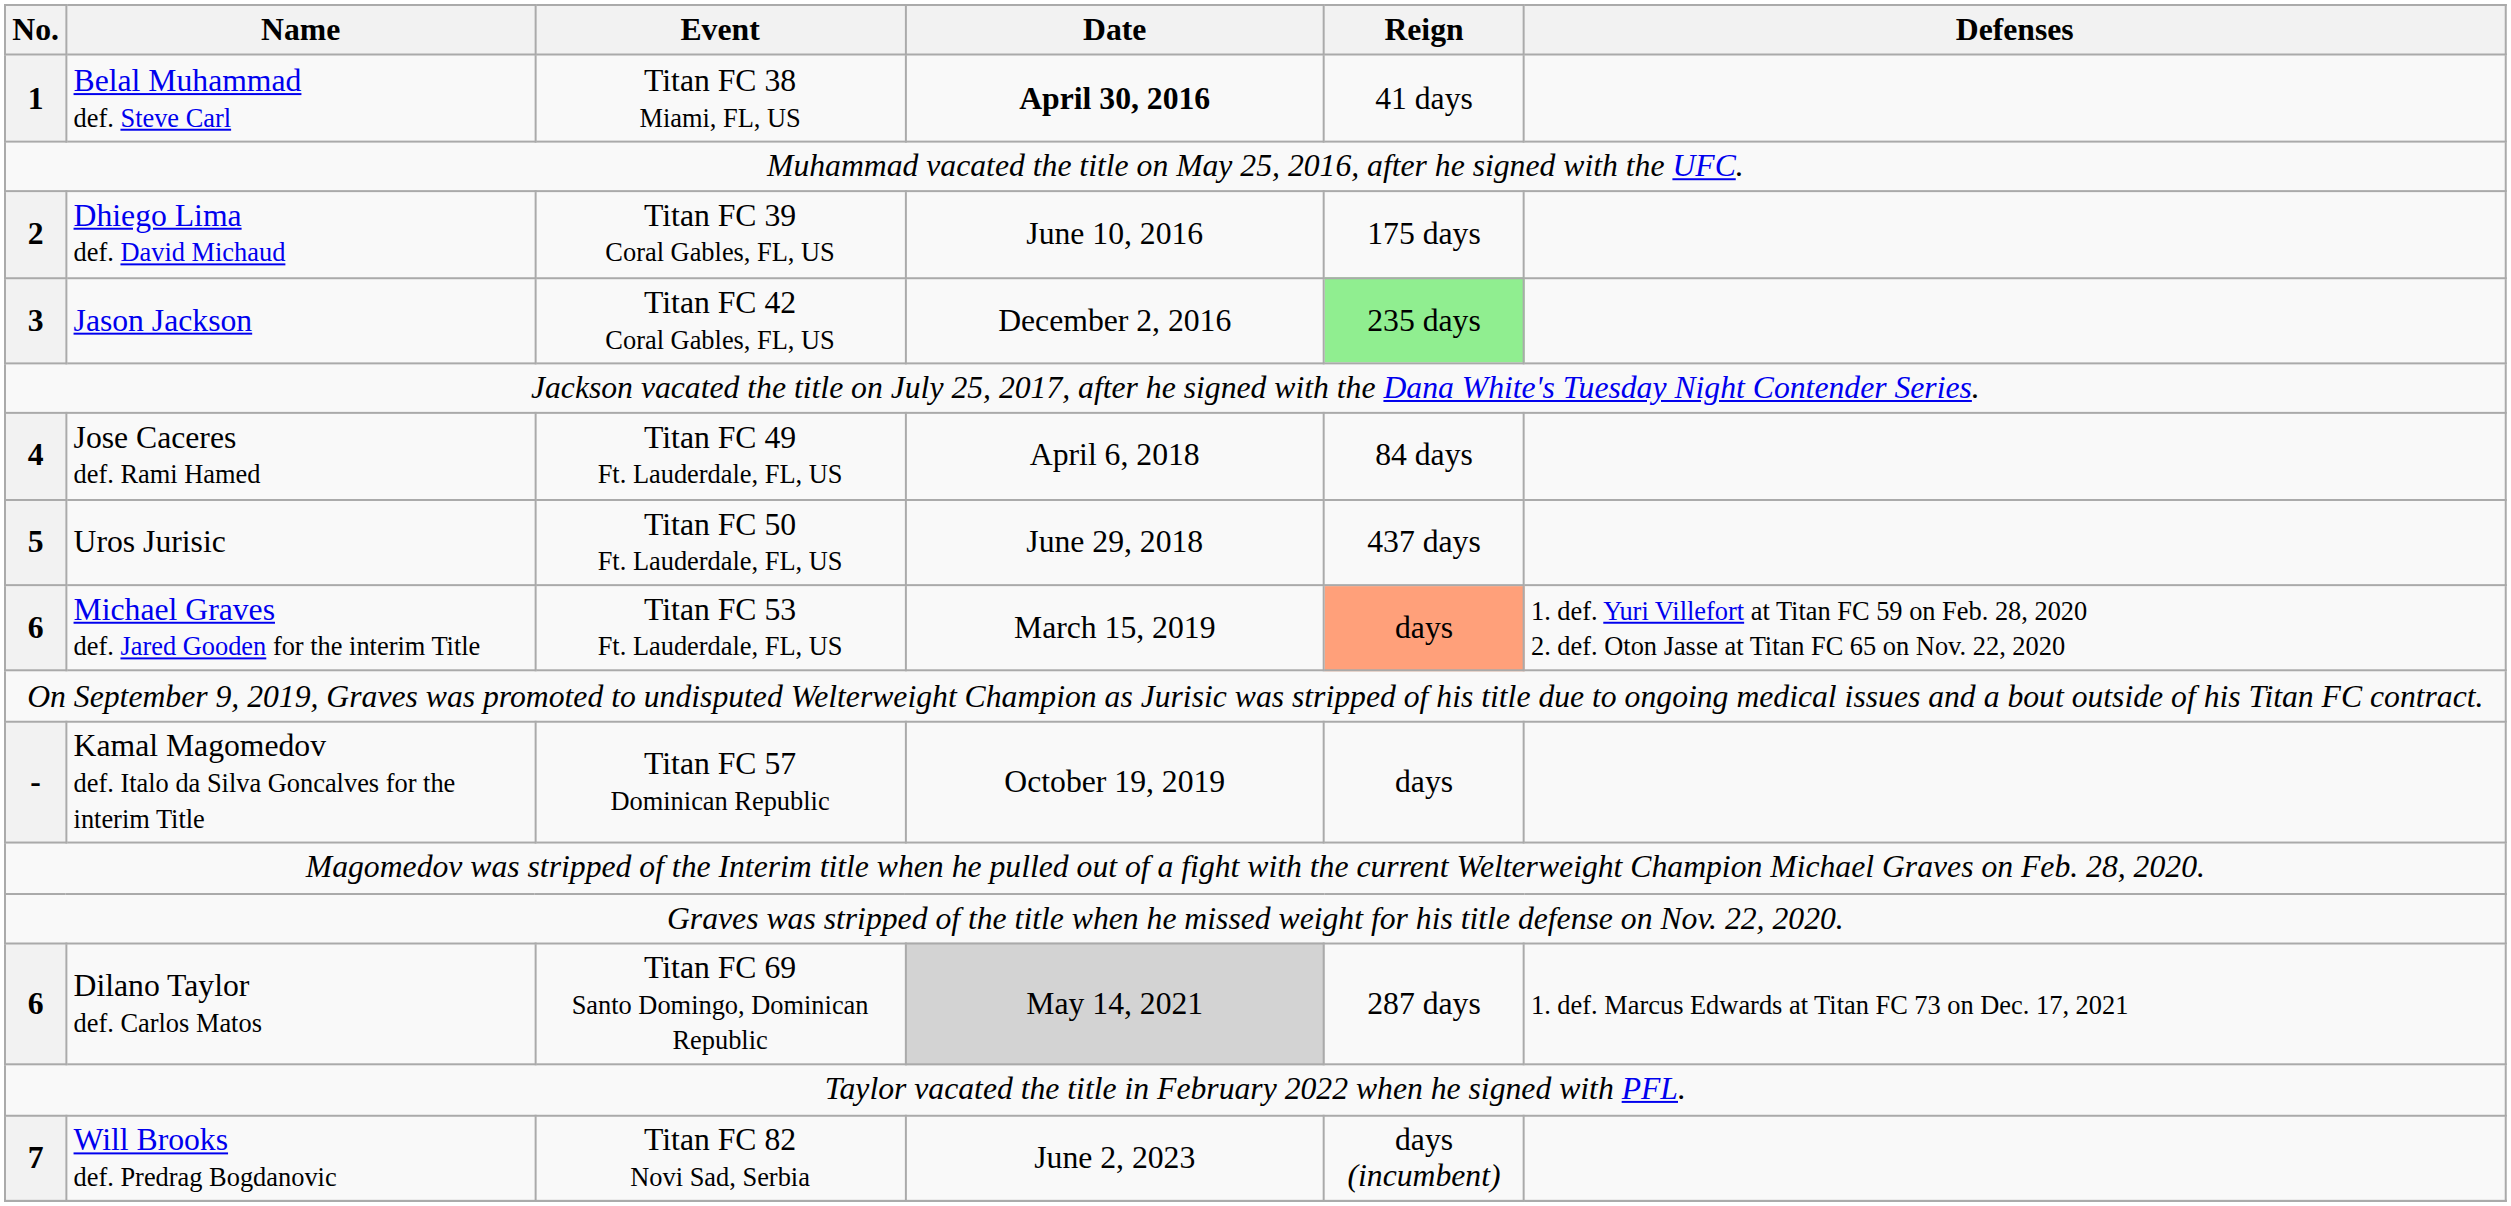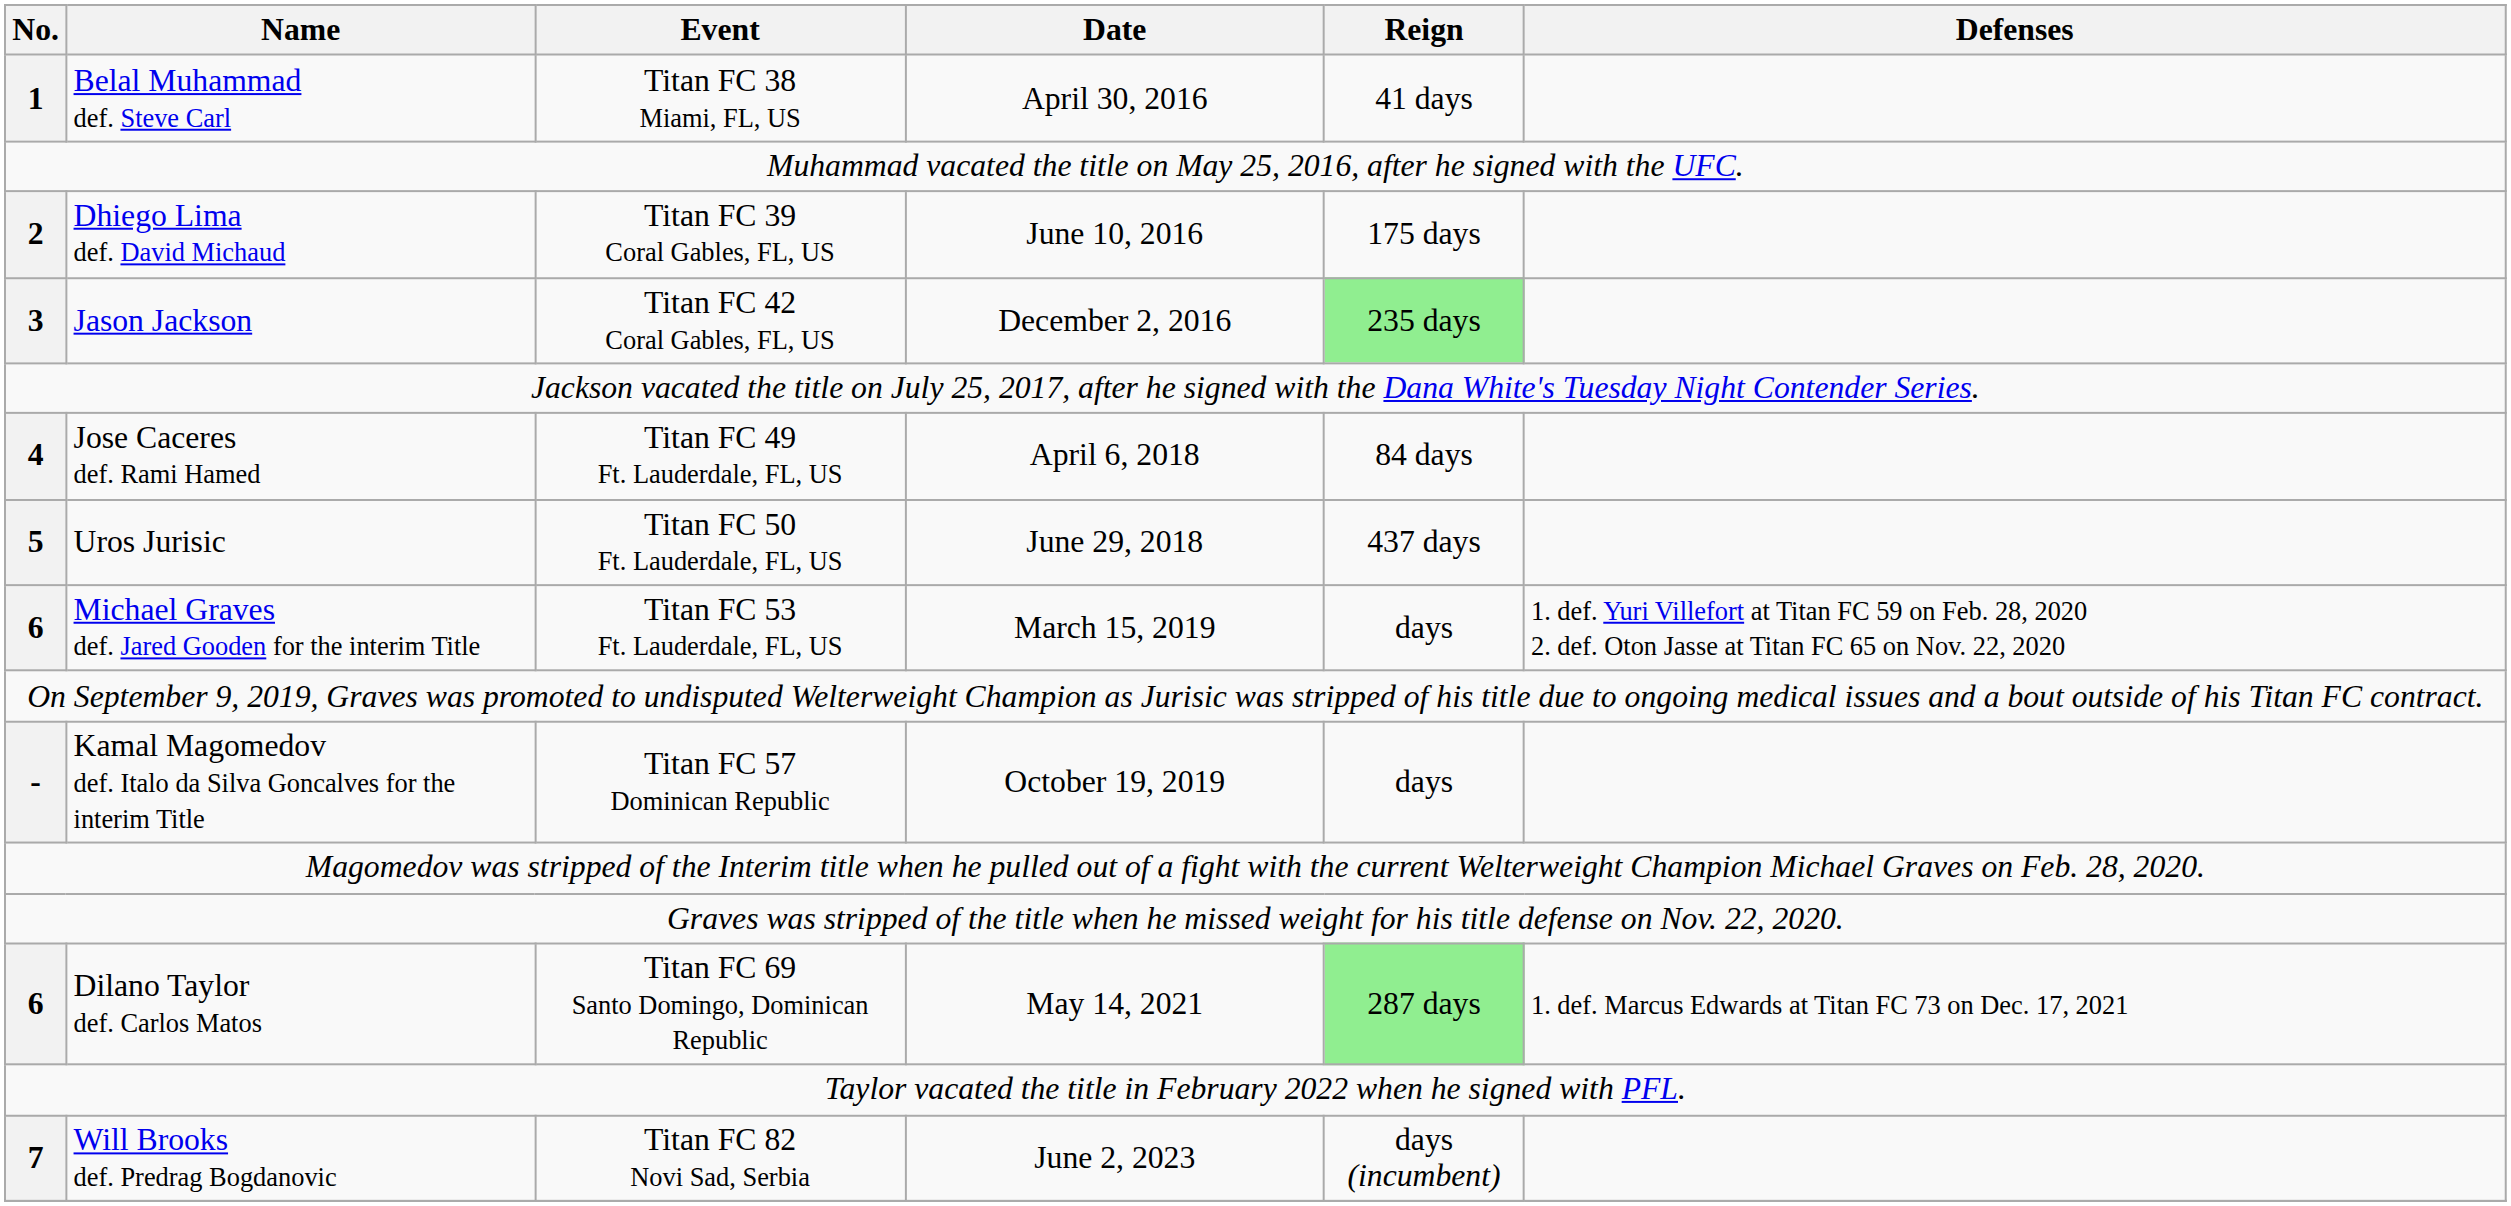 <table class="wikitable" width=100%>
 <tr>
 <th width=1%>No.</th>
 <th width=19%>Name</th>
 <th width=15%>Event</th>
 <th width=17%>Date</th>
 <th width=8%>Reign</th>
 <th width=40%>Defenses</th>
 </tr>
 <tr>
 <th>1</th>
 <td> <a href='#'>Belal Muhammad</a> <br> <small> def. <a href='#'>Steve Carl</a></small></td>
 <td align=center>Titan FC 38 <br> <small> Miami, FL, US</small></td>
-<td align=center><strong>April 30, 2016</strong></td>
+<td align=center>April 30, 2016</td>
 <td align=center>41 days</td>
 <td></td>
 </tr>
 <tr>
 <td align="center" colspan="6"><em>Muhammad vacated the title on May 25, 2016, after he signed with the <a href='#'>UFC</a>.</em></td>
 </tr>
 <tr>
 <th>2</th>
 <td> <a href='#'>Dhiego Lima</a><small><br> def. <a href='#'>David Michaud</a></small></td>
 <td align=center>Titan FC 39 <br><small> Coral Gables, FL, US</small></td>
 <td align=center>June 10, 2016</td>
 <td align=center>175 days</td>
 <td></td>
 </tr>
 <tr>
 <th>3</th>
 <td> <a href='#'>Jason Jackson</a></td>
 <td align=center>Titan FC 42 <br><small> Coral Gables, FL, US</small></td>
 <td align=center>December 2, 2016</td>
 <td align=center style="background: lightgreen;">235 days</td>
 <td></td>
 </tr>
 <tr>
 <td align="center" colspan="6"><em>Jackson vacated the title on July 25, 2017, after he signed with the <a href='#'>Dana White's Tuesday Night Contender Series</a>.</em></td>
 </tr>
 <tr>
 <th>4</th>
 <td> Jose Caceres<small><br> def. Rami Hamed</small></td>
 <td align=center>Titan FC 49 <br><small> Ft. Lauderdale, FL, US</small></td>
 <td align=center>April 6, 2018</td>
 <td align=center>84 days</td>
 <td></td>
 </tr>
 <tr>
 <th>5</th>
 <td> Uros Jurisic</td>
 <td align=center>Titan FC 50 <br><small> Ft. Lauderdale, FL, US</small></td>
 <td align=center>June 29, 2018</td>
 <td align=center>437 days</td>
 <td></td>
 </tr>
 <tr>
 <th>6</th>
 <td> <a href='#'>Michael Graves</a><small><br> def. <a href='#'>Jared Gooden</a> for the interim Title</small></td>
 <td align=center>Titan FC 53 <br><small> Ft. Lauderdale, FL, US</small></td>
 <td align=center>March 15, 2019</td>
-<td align=center style="background: lightsalmon;"> days</td>
+<td align=center> days</td>
 <td><small> 1. def. <a href='#'>Yuri Villefort</a> at Titan FC 59 on Feb. 28, 2020</small><br><small> 2. def. Oton Jasse at Titan FC 65 on Nov. 22, 2020</small></td>
 </tr>
 <tr>
 <td align="center" colspan="6"><em>On September 9, 2019, Graves was promoted to undisputed Welterweight Champion as Jurisic was stripped of his title due to ongoing medical issues and a bout outside of his Titan FC contract.</em></td>
 </tr>
 <tr>
 <th>-</th>
 <td> Kamal Magomedov<small><br> def. Italo da Silva Goncalves for the interim Title</small></td>
 <td align=center>Titan FC 57 <br><small> Dominican Republic</small></td>
 <td align=center>October 19, 2019</td>
 <td align=center> days</td>
 <td></td>
 </tr>
 <tr>
 <td align="center" colspan="6"><em>Magomedov was stripped of the Interim title when he pulled out of a fight with the current Welterweight Champion Michael Graves on Feb. 28, 2020.</em></td>
 </tr>
 <tr>
 <td align="center" colspan="6"><em>Graves was stripped of the title when he missed weight for his title defense on Nov. 22, 2020.</em></td>
 </tr>
 <tr>
 <th>6</th>
 <td> Dilano Taylor <small><br> def. Carlos Matos</small></td>
 <td align=center>Titan FC 69 <br><small> Santo Domingo, Dominican Republic</small></td>
-<td align=center style="background: lightgrey;">May 14, 2021</td>
-<td align=center>287 days</td>
+<td align=center>May 14, 2021</td>
+<td align=center style="background: lightgreen;">287 days</td>
 <td><small> 1. def. Marcus Edwards at Titan FC 73 on Dec. 17, 2021</small></td>
 </tr>
 <tr>
 <td align="center" colspan="6"><em>Taylor vacated the title in February 2022 when he signed with <a href='#'>PFL</a>.</em></td>
 </tr>
 <tr>
 <th>7</th>
 <td> <a href='#'>Will Brooks</a> <small><br> def. Predrag Bogdanovic</small></td>
 <td align=center>Titan FC 82 <br><small> Novi Sad, Serbia</small></td>
 <td align=center>June 2, 2023</td>
 <td align=center> days<br><em>(incumbent)</em></td>
 <td></td>
 </tr>
 <tr>
 </tr>
 </table>
